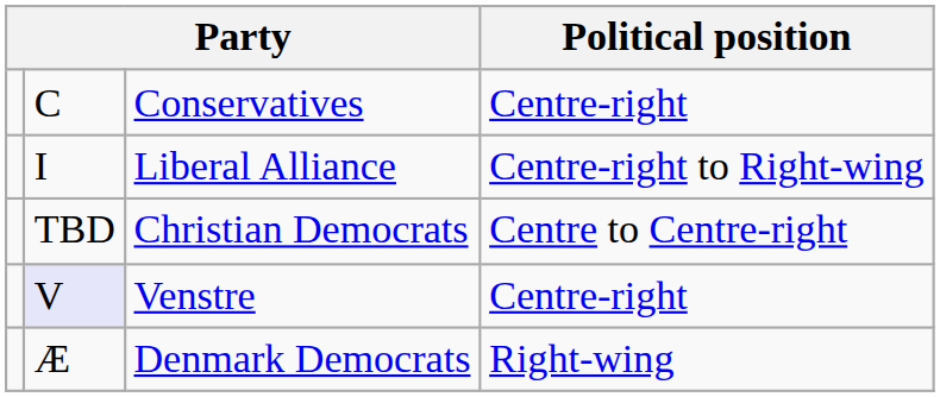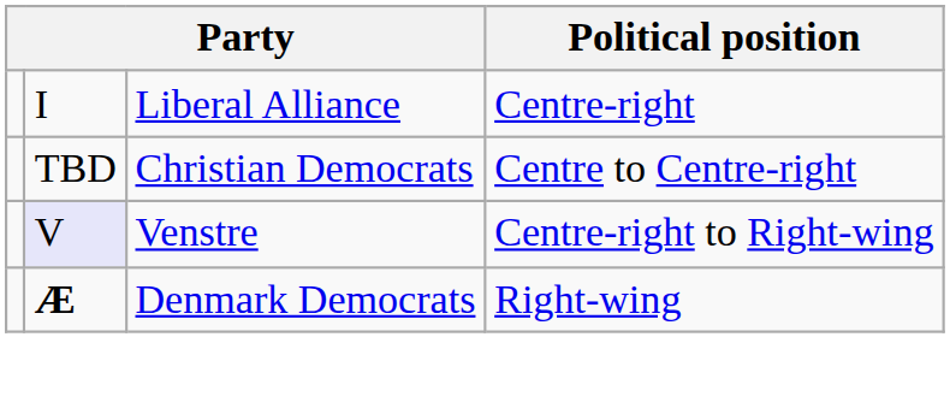 <table class="wikitable">
 <tr>
 <th colspan="3">Party</th>
 <th>Political position</th>
 </tr>
 <tr>
 <td></td>
-<td>C</td>
-<td><a href='#'>Conservatives</a></td>
-<td><a href='#'>Centre-right</a></td>
-</tr>
-<tr>
-<td></td>
 <td>I</td>
 <td><a href='#'>Liberal Alliance</a></td>
-<td><a href='#'>Centre-right</a> to <a href='#'>Right-wing</a></td>
+<td><a href='#'>Centre-right</a></td>
 </tr>
 <tr>
 <td></td>
 <td>TBD</td>
 <td><a href='#'>Christian Democrats</a></td>
 <td><a href='#'>Centre</a> to <a href='#'>Centre-right</a></td>
 </tr>
 <tr>
 <td></td>
 <td style="background: lavender;">V</td>
 <td><a href='#'>Venstre</a></td>
-<td><a href='#'>Centre-right</a></td>
+<td><a href='#'>Centre-right</a> to <a href='#'>Right-wing</a></td>
 </tr>
 <tr>
 <td></td>
-<td>Æ</td>
+<td><strong>Æ</strong></td>
 <td><a href='#'>Denmark Democrats</a></td>
 <td><a href='#'>Right-wing</a></td>
 </tr>
 </table>
